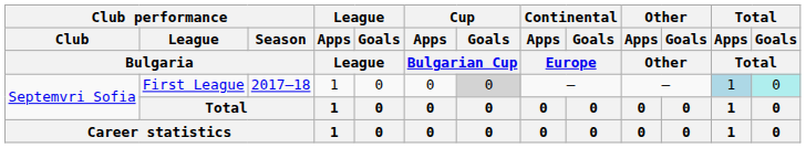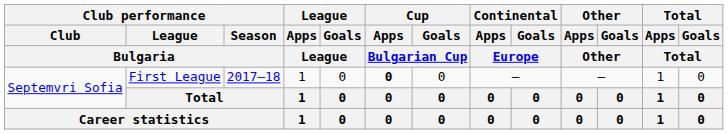 <table class="wikitable" style="text-align: center">
 <tr>
 <th Colspan="3">Club performance</th>
 <th Colspan="2">League</th>
 <th Colspan="2">Cup</th>
 <th Colspan="2">Continental</th>
 <th Colspan="2">Other</th>
 <th Colspan="3">Total</th>
 </tr>
 <tr>
 <th>Club</th>
 <th>League</th>
 <th>Season</th>
 <th>Apps</th>
 <th>Goals</th>
 <th>Apps</th>
 <th>Goals</th>
 <th>Apps</th>
 <th>Goals</th>
 <th>Apps</th>
 <th>Goals</th>
 <th>Apps</th>
 <th>Goals</th>
 </tr>
 <tr>
 <th Colspan="3">Bulgaria</th>
 <th Colspan="2">League</th>
 <th Colspan="2"><a href='#'>Bulgarian Cup</a></th>
 <th Colspan="2"><a href='#'>Europe</a></th>
 <th Colspan="2">Other</th>
 <th Colspan="2">Total</th>
 </tr>
 <tr>
 <td rowspan="2" valign="center"><a href='#'>Septemvri Sofia</a></td>
 <td rowspan="1"><a href='#'>First League</a></td>
 <td><a href='#'>2017–18</a></td>
 <td>1</td>
 <td>0</td>
+<td><strong>0</strong></td>
 <td>0</td>
-<td style="background: lightgrey;">0</td>
 <td colspan="2">–</td>
 <td colspan="2">–</td>
-<td style="background: lightblue;">1</td>
-<td style="background: paleturquoise;">0</td>
+<td>1</td>
+<td>0</td>
 </tr>
 <tr>
 <th colspan=2>Total</th>
 <th>1</th>
 <th>0</th>
 <th>0</th>
 <th>0</th>
 <th>0</th>
 <th>0</th>
 <th>0</th>
 <th>0</th>
 <th>1</th>
 <th>0</th>
 </tr>
 <tr>
 <th colspan="3">Career statistics</th>
 <th>1</th>
 <th>0</th>
 <th>0</th>
 <th>0</th>
 <th>0</th>
 <th>0</th>
 <th>0</th>
 <th>0</th>
 <th>1</th>
 <th>0</th>
 </tr>
 </table>
